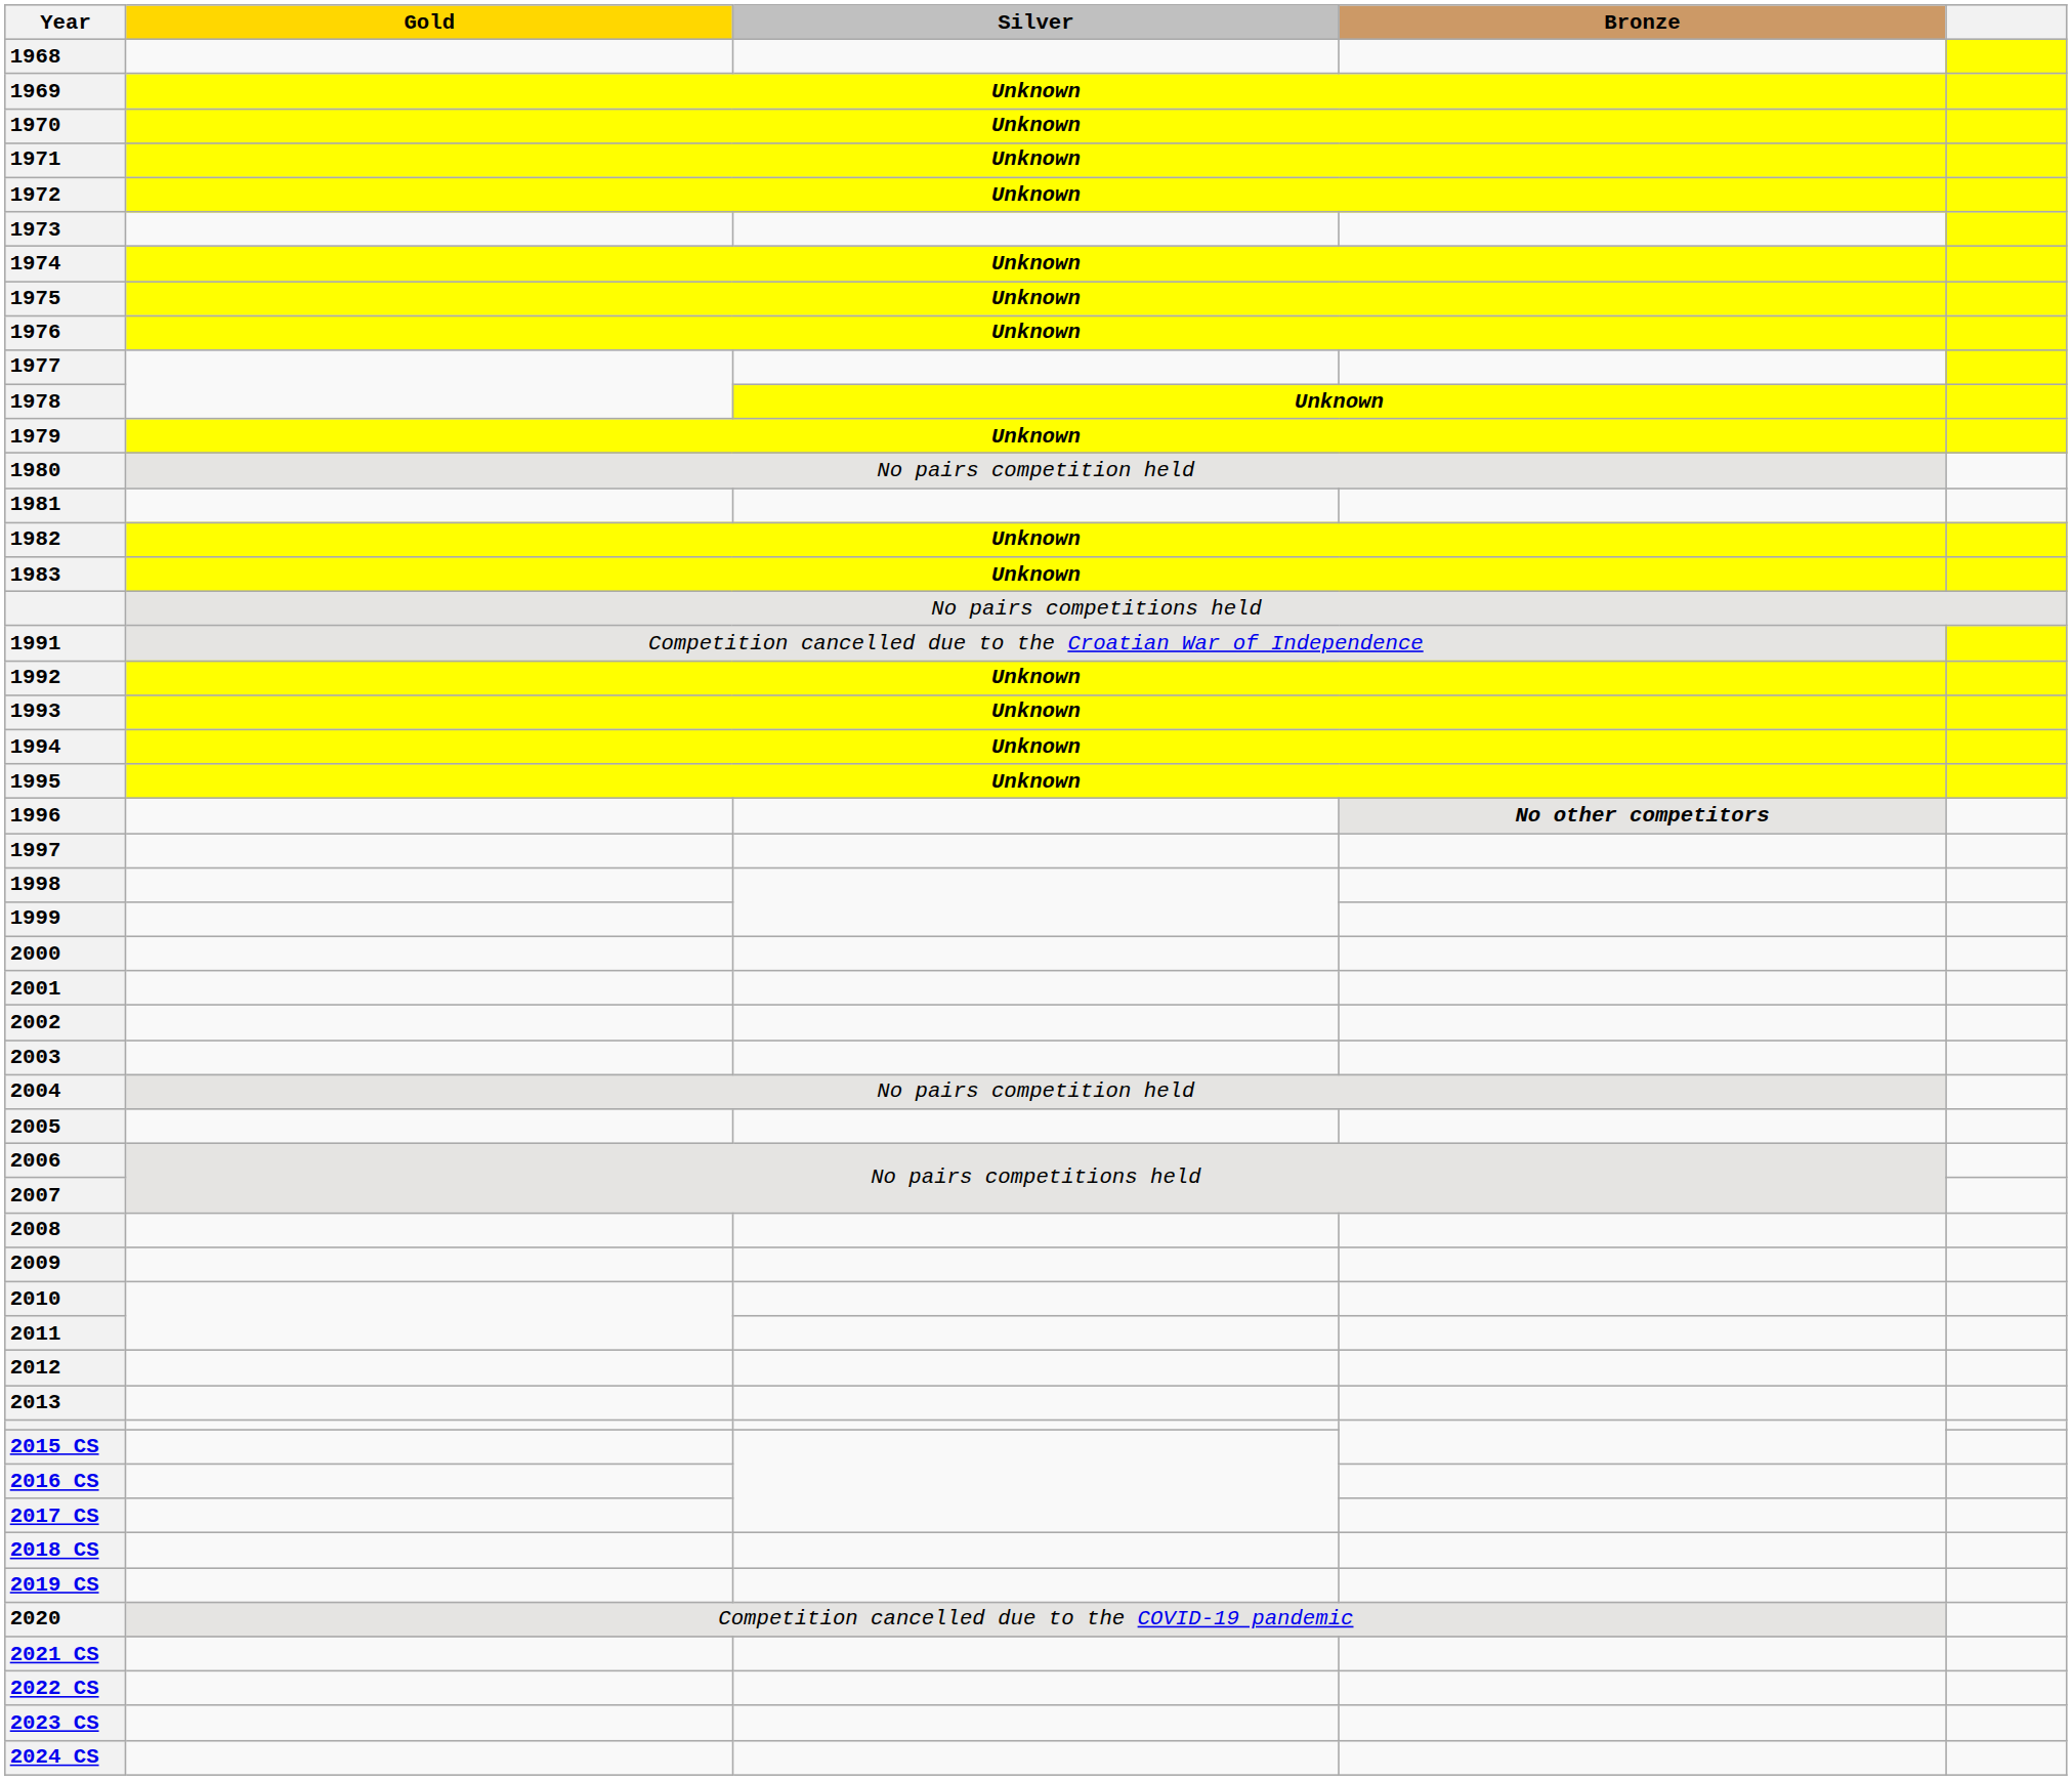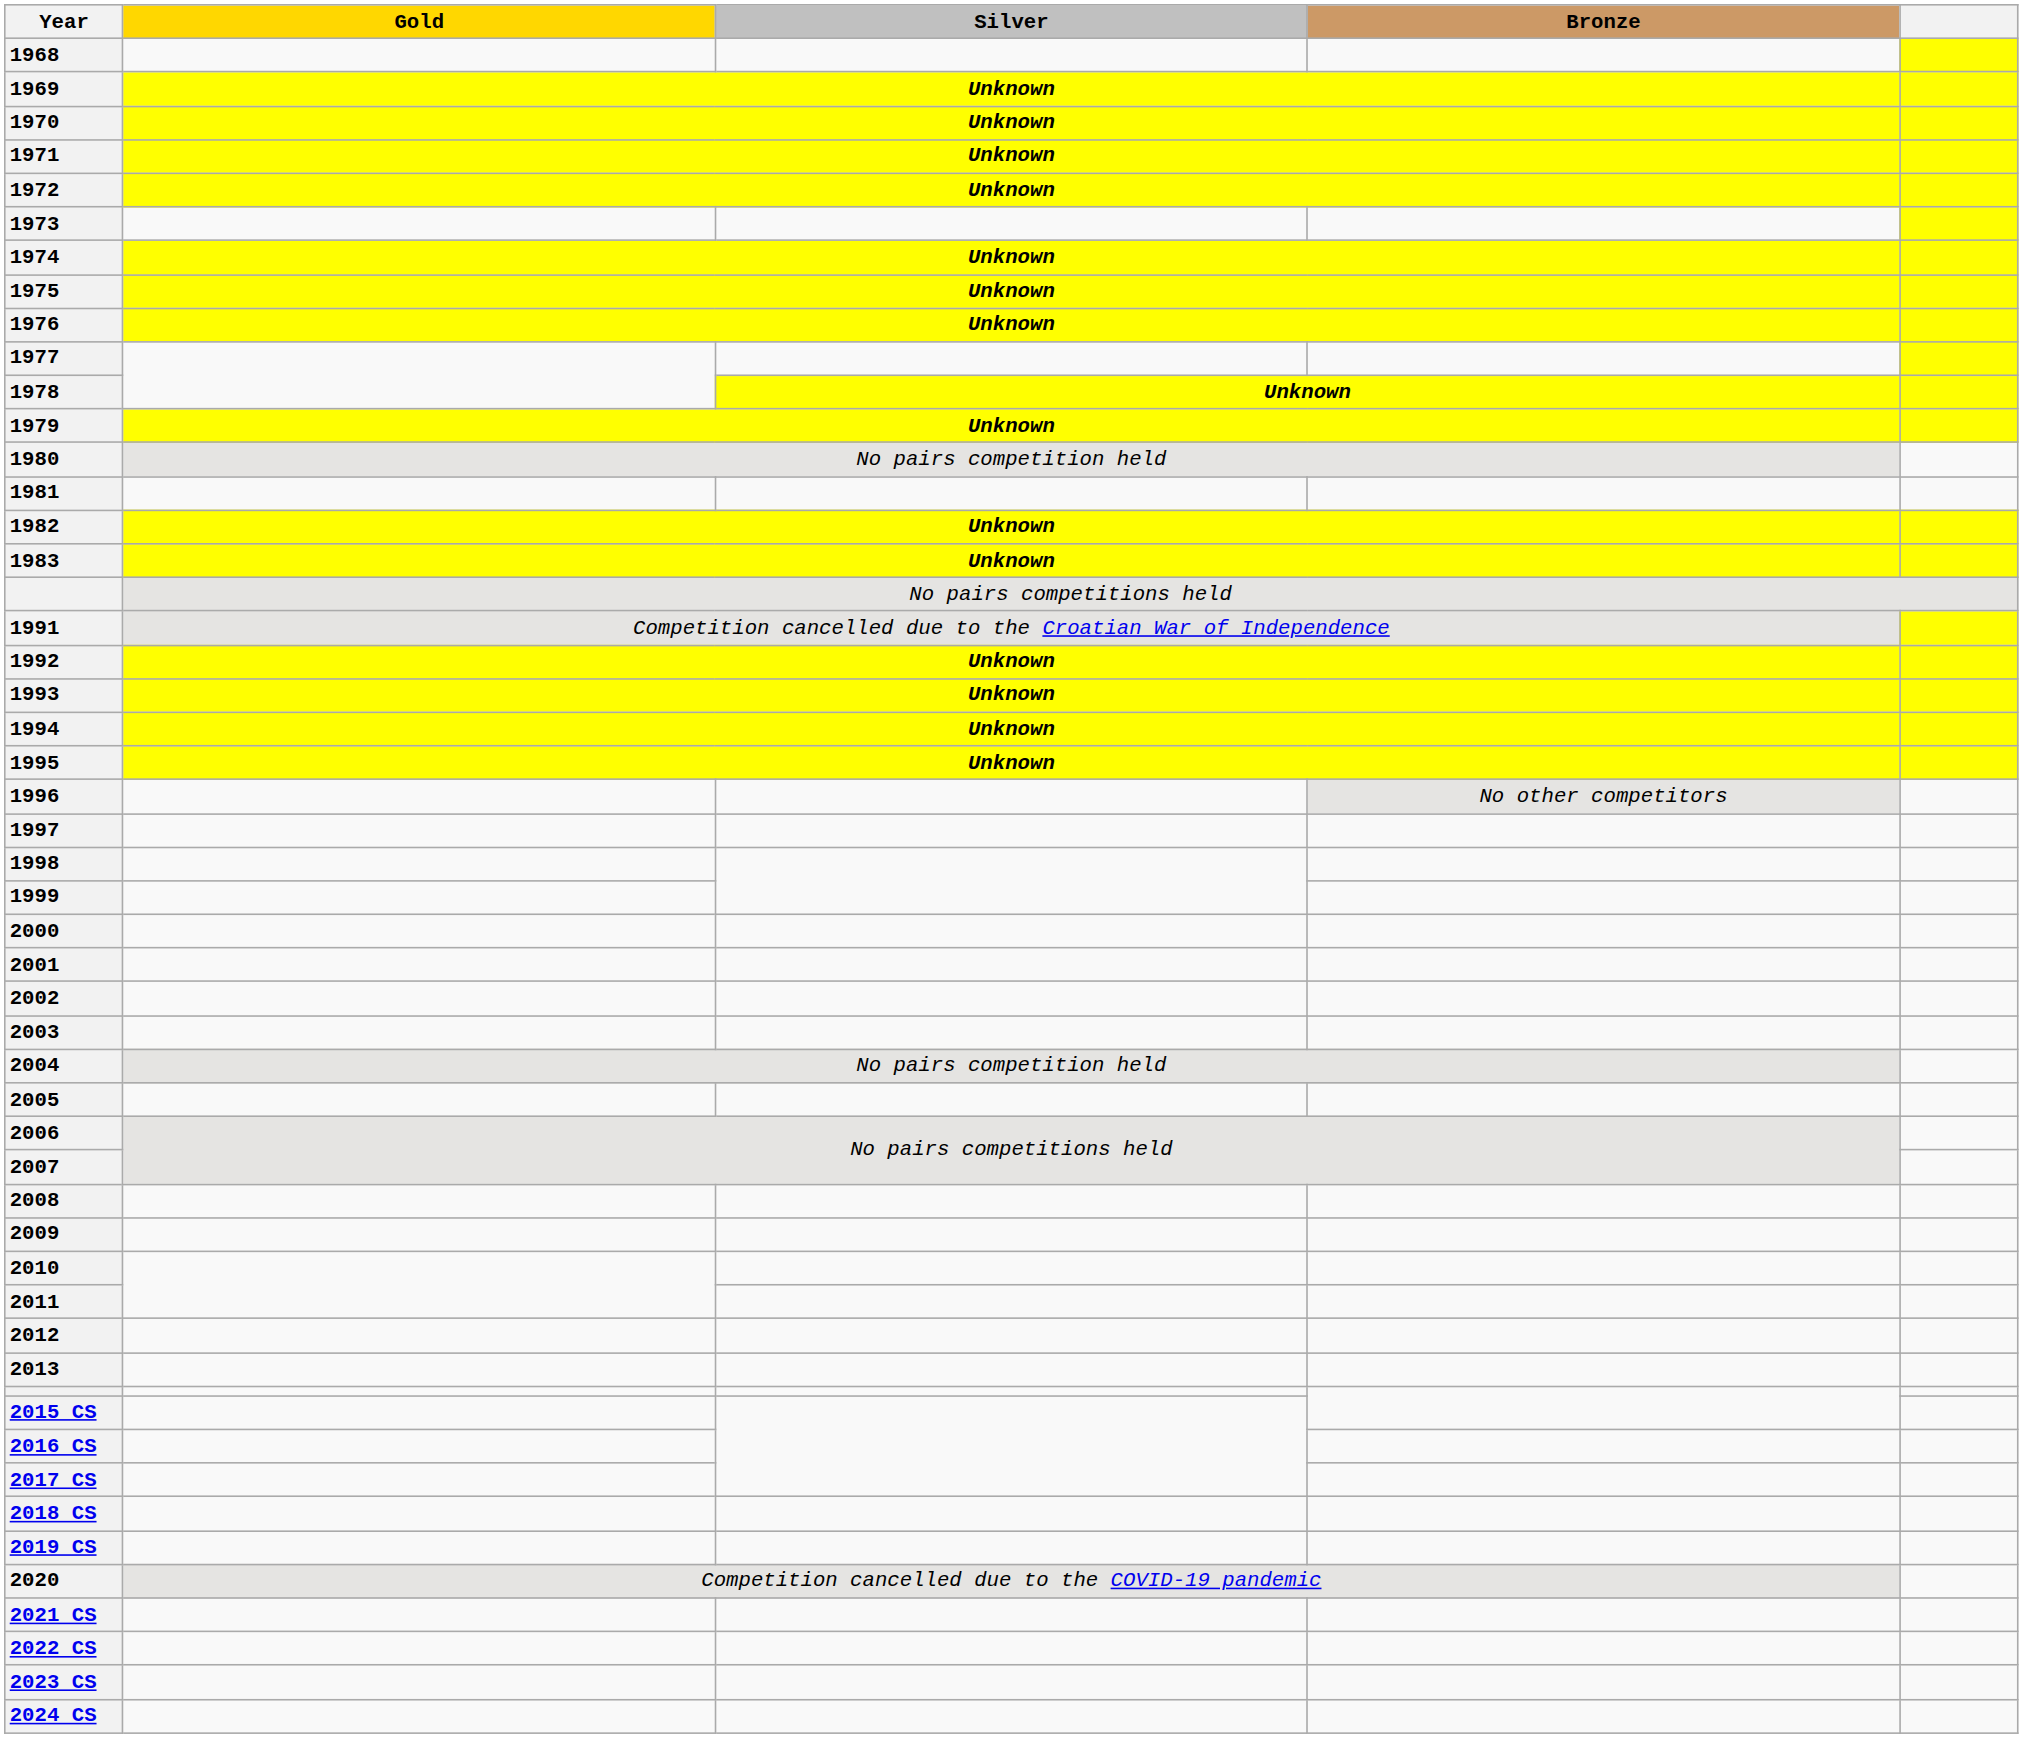 <table class="wikitable unsortable" style="text-align:left; width:80%">
 <tr>
 <th scope="col" style="text-align:center; width:5%">Year</th>
 <th scope="col" style="text-align:center; width:25%; background:gold">Gold</th>
 <th scope="col" style="text-align:center; width:25%; background:silver">Silver</th>
 <th scope="col" style="text-align:center; width:25%; background:#c96">Bronze</th>
 <th scope="col" style="text-align:center; width:5%"></th>
 </tr>
 <tr>
 <th scope="row" style="text-align:left">1968</th>
 <td></td>
 <td></td>
 <td></td>
 <td bgcolor="yellow"></td>
 </tr>
 <tr>
 <th scope="row" style="text-align:left">1969</th>
 <td colspan="3" align="center" bgcolor="yellow"><strong><em>Unknown</em></strong></td>
 <td bgcolor="yellow"></td>
 </tr>
 <tr>
 <th scope="row" style="text-align:left">1970</th>
 <td colspan="3" align="center" bgcolor="yellow"><strong><em>Unknown</em></strong></td>
 <td bgcolor="yellow"></td>
 </tr>
 <tr>
 <th scope="row" style="text-align:left">1971</th>
 <td colspan="3" align="center" bgcolor="yellow"><strong><em>Unknown</em></strong></td>
 <td bgcolor="yellow"></td>
 </tr>
 <tr>
 <th scope="row" style="text-align:left">1972</th>
 <td colspan="3" align="center" bgcolor="yellow"><strong><em>Unknown</em></strong></td>
 <td bgcolor="yellow"></td>
 </tr>
 <tr>
 <th scope="row" style="text-align:left">1973</th>
 <td></td>
 <td></td>
 <td></td>
 <td bgcolor="yellow"></td>
 </tr>
 <tr>
 <th scope="row" style="text-align:left">1974</th>
 <td colspan="3" align="center" bgcolor="yellow"><strong><em>Unknown</em></strong></td>
 <td bgcolor="yellow"></td>
 </tr>
 <tr>
 <th scope="row" style="text-align:left">1975</th>
 <td colspan="3" align="center" bgcolor="yellow"><strong><em>Unknown</em></strong></td>
 <td bgcolor="yellow"></td>
 </tr>
 <tr>
 <th scope="row" style="text-align:left">1976</th>
 <td colspan="3" align="center" bgcolor="yellow"><strong><em>Unknown</em></strong></td>
 <td bgcolor="yellow"></td>
 </tr>
 <tr>
 <th scope="row" style="text-align:left">1977</th>
 <td rowspan="2"></td>
 <td></td>
 <td></td>
 <td bgcolor="yellow"></td>
 </tr>
 <tr>
 <th scope="row" style="text-align:left">1978</th>
 <td colspan="2" align="center" bgcolor="yellow"><strong><em>Unknown</em></strong></td>
 <td bgcolor="yellow"></td>
 </tr>
 <tr>
 <th scope="row" style="text-align:left">1979</th>
 <td colspan="3" align="center" bgcolor="yellow"><strong><em>Unknown</em></strong></td>
 <td bgcolor="yellow"></td>
 </tr>
 <tr>
 <th scope="row" style="text-align:left">1980</th>
 <td colspan="3" bgcolor="e5e4e2" align="center"><em>No pairs competition held</em></td>
 <td></td>
 </tr>
 <tr>
 <th scope="row" style="text-align:left">1981</th>
 <td></td>
 <td></td>
 <td></td>
 <td></td>
 </tr>
 <tr>
 <th scope="row" style="text-align:left">1982</th>
 <td colspan="3" align="center" bgcolor="yellow"><strong><em>Unknown</em></strong></td>
 <td bgcolor="yellow"></td>
 </tr>
 <tr>
 <th scope="row" style="text-align:left">1983</th>
 <td colspan="3" align="center" bgcolor="yellow"><strong><em>Unknown</em></strong></td>
 <td bgcolor="yellow"></td>
 </tr>
 <tr>
 <th scope="row" style="text-align:left"></th>
 <td colspan="4" align="center" bgcolor="e5e4e2"><em>No pairs competitions held</em></td>
 </tr>
 <tr>
 <th scope="row" style="text-align:left">1991</th>
 <td colspan="3" align="center" bgcolor="e5e4e2"><em>Competition cancelled due to the <a href='#'>Croatian War of Independence</a></em></td>
 <td bgcolor="yellow"></td>
 </tr>
 <tr>
 <th scope="row" style="text-align:left">1992</th>
 <td colspan="3" align="center" bgcolor="yellow"><strong><em>Unknown</em></strong></td>
 <td bgcolor="yellow"></td>
 </tr>
 <tr>
 <th scope="row" style="text-align:left">1993</th>
 <td colspan="3" align="center" bgcolor="yellow"><strong><em>Unknown</em></strong></td>
 <td bgcolor="yellow"></td>
 </tr>
 <tr>
 <th scope="row" style="text-align:left">1994</th>
 <td colspan="3" align="center" bgcolor="yellow"><strong><em>Unknown</em></strong></td>
 <td bgcolor="yellow"></td>
 </tr>
 <tr>
 <th scope="row" style="text-align:left">1995</th>
 <td colspan="3" align="center" bgcolor="yellow"><strong><em>Unknown</em></strong></td>
 <td bgcolor="yellow"></td>
 </tr>
 <tr>
 <th scope="row" style="text-align:left">1996</th>
 <td></td>
 <td></td>
-<td align="center" bgcolor="e5e4e2"><strong><em>No other competitors</em></strong></td>
+<td align="center" bgcolor="e5e4e2"><em>No other competitors</em></td>
 <td></td>
 </tr>
 <tr>
 <th scope="row" style="text-align:left">1997</th>
 <td></td>
 <td></td>
 <td></td>
 <td></td>
 </tr>
 <tr>
 <th scope="row" style="text-align:left">1998</th>
 <td></td>
 <td rowspan="2"></td>
 <td></td>
 <td></td>
 </tr>
 <tr>
 <th scope="row" style="text-align:left">1999</th>
 <td></td>
 <td></td>
 <td></td>
 </tr>
 <tr>
 <th scope="row" style="text-align:left">2000</th>
 <td></td>
 <td></td>
 <td></td>
 <td></td>
 </tr>
 <tr>
 <th scope="row" style="text-align:left">2001</th>
 <td></td>
 <td></td>
 <td></td>
 <td></td>
 </tr>
 <tr>
 <th scope="row" style="text-align:left">2002</th>
 <td></td>
 <td></td>
 <td></td>
 <td></td>
 </tr>
 <tr>
 <th scope="row" style="text-align:left">2003</th>
 <td></td>
 <td></td>
 <td></td>
 <td></td>
 </tr>
 <tr>
 <th scope="row" style="text-align:left">2004</th>
 <td colspan="3" bgcolor="e5e4e2" align="center"><em>No pairs competition held</em></td>
 <td></td>
 </tr>
 <tr>
 <th scope="row" style="text-align:left">2005</th>
 <td></td>
 <td></td>
 <td></td>
 <td></td>
 </tr>
 <tr>
 <th scope="row" style="text-align:left">2006</th>
 <td colspan="3" rowspan="2" bgcolor="e5e4e2" align="center"><em>No pairs competitions held</em></td>
 <td></td>
 </tr>
 <tr>
 <th scope="row" style="text-align:left">2007</th>
 <td></td>
 </tr>
 <tr>
 <th scope="row" style="text-align:left">2008</th>
 <td></td>
 <td></td>
 <td></td>
 <td></td>
 </tr>
 <tr>
 <th scope="row" style="text-align:left">2009</th>
 <td></td>
 <td></td>
 <td></td>
 <td></td>
 </tr>
 <tr>
 <th scope="row" style="text-align:left">2010</th>
 <td rowspan="2"></td>
 <td></td>
 <td></td>
 <td></td>
 </tr>
 <tr>
 <th scope="row" style="text-align:left">2011</th>
 <td></td>
 <td></td>
 <td></td>
 </tr>
 <tr>
 <th scope="row" style="text-align:left">2012</th>
 <td></td>
 <td></td>
 <td></td>
 <td></td>
 </tr>
 <tr>
 <th scope="row" style="text-align:left">2013</th>
 <td></td>
 <td></td>
 <td></td>
 <td></td>
 </tr>
 <tr>
 <th scope="row" style="text-align:left"></th>
 <td></td>
 <td></td>
 <td rowspan="2"></td>
 <td></td>
 </tr>
 <tr>
 <th scope="row" style="text-align:left"><a href='#'>2015 CS</a></th>
 <td></td>
 <td rowspan="3"></td>
 <td></td>
 </tr>
 <tr>
 <th scope="row" style="text-align:left"><a href='#'>2016 CS</a></th>
 <td></td>
 <td></td>
 <td></td>
 </tr>
 <tr>
 <th scope="row" style="text-align:left"><a href='#'>2017 CS</a></th>
 <td></td>
 <td></td>
 <td></td>
 </tr>
 <tr>
 <th scope="row" style="text-align:left"><a href='#'>2018 CS</a></th>
 <td></td>
 <td></td>
 <td></td>
 <td></td>
 </tr>
 <tr>
 <th scope="row" style="text-align:left"><a href='#'>2019 CS</a></th>
 <td></td>
 <td></td>
 <td></td>
 <td></td>
 </tr>
 <tr>
 <th scope="row" style="text-align:left">2020</th>
 <td colspan="3" align="center" bgcolor="e5e4e2"><em>Competition cancelled due to the <a href='#'>COVID-19 pandemic</a></em></td>
 <td></td>
 </tr>
 <tr>
 <th scope="row" style="text-align:left"><a href='#'>2021 CS</a></th>
 <td></td>
 <td></td>
 <td></td>
 <td></td>
 </tr>
 <tr>
 <th scope="row" style="text-align:left"><a href='#'>2022 CS</a></th>
 <td></td>
 <td></td>
 <td></td>
 <td></td>
 </tr>
 <tr>
 <th scope="row" style="text-align:left"><a href='#'>2023 CS</a></th>
 <td></td>
 <td></td>
 <td></td>
 <td></td>
 </tr>
 <tr>
 <th scope="row" style="text-align:left"><a href='#'>2024 CS</a></th>
 <td></td>
 <td></td>
 <td></td>
 <td></td>
 </tr>
 </table>
